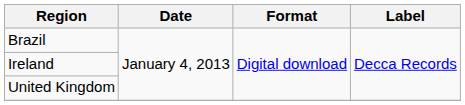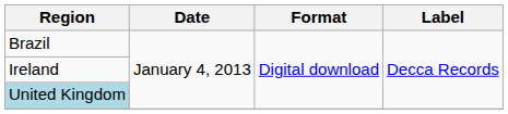 <table class="wikitable">
 <tr>
 <th scope="col">Region</th>
 <th scope="col">Date</th>
 <th scope="col">Format</th>
 <th scope="col">Label</th>
 </tr>
 <tr>
 <td>Brazil</td>
 <td rowspan="3">January 4, 2013</td>
 <td rowspan="3"><a href='#'>Digital download</a></td>
 <td rowspan="3"><a href='#'>Decca Records</a></td>
 </tr>
 <tr>
 <td>Ireland</td>
 </tr>
 <tr>
-<td>United Kingdom</td>
+<td style="background: lightblue;">United Kingdom</td>
 </tr>
 <tr>
 </tr>
 </table>
